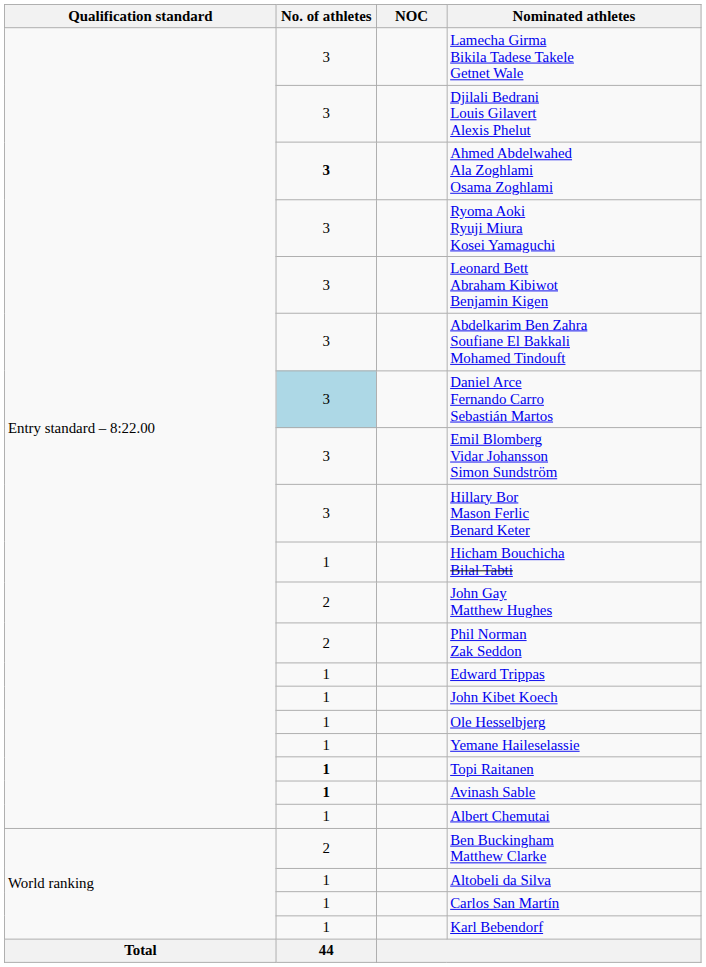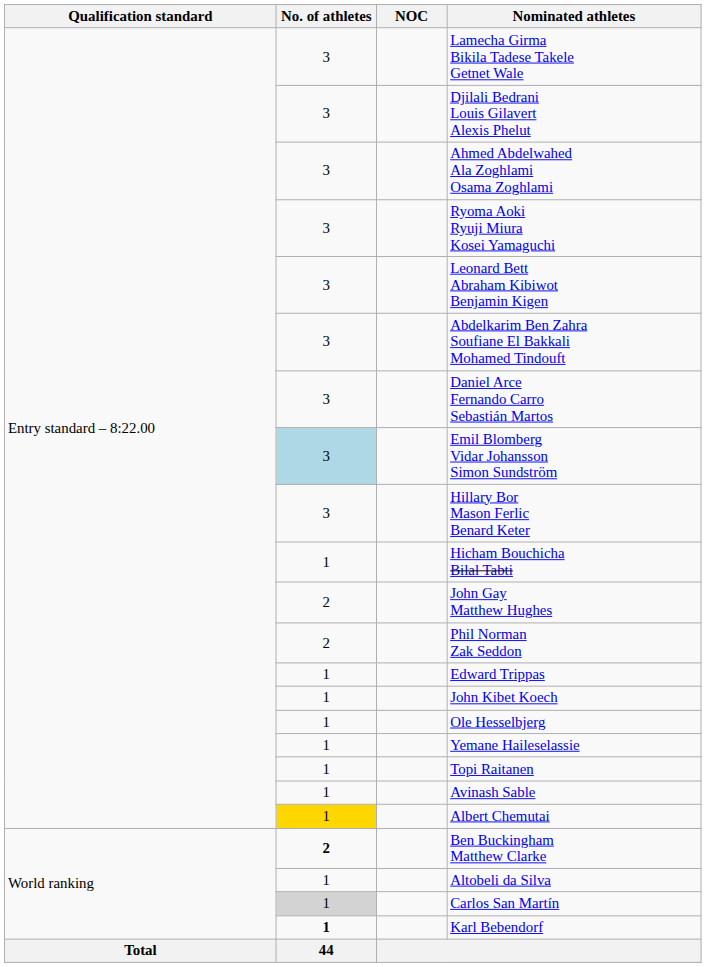 <table class="wikitable" style="text-align:left; width:750px;">
 <tr>
 <th>Qualification standard</th>
 <th width=100>No. of athletes</th>
 <th>NOC</th>
 <th>Nominated athletes</th>
 </tr>
 <tr>
 <td rowspan=19>Entry standard – 8:22.00</td>
 <td align=center>3</td>
 <td></td>
 <td><a href='#'>Lamecha Girma</a><br><a href='#'>Bikila Tadese Takele</a><br><a href='#'>Getnet Wale</a></td>
 </tr>
 <tr>
 <td align=center>3</td>
 <td></td>
 <td><a href='#'>Djilali Bedrani</a><br><a href='#'>Louis Gilavert</a><br><a href='#'>Alexis Phelut</a></td>
 </tr>
 <tr>
-<td align=center><strong>3</strong></td>
+<td align=center>3</td>
 <td></td>
 <td><a href='#'>Ahmed Abdelwahed</a><br><a href='#'>Ala Zoghlami</a><br><a href='#'>Osama Zoghlami</a></td>
 </tr>
 <tr>
 <td align=center>3</td>
 <td></td>
 <td><a href='#'>Ryoma Aoki</a><br><a href='#'>Ryuji Miura</a><br><a href='#'>Kosei Yamaguchi</a></td>
 </tr>
 <tr>
 <td align=center>3</td>
 <td></td>
 <td><a href='#'>Leonard Bett</a><br><a href='#'>Abraham Kibiwot</a><br><a href='#'>Benjamin Kigen</a></td>
 </tr>
 <tr>
 <td align=center>3</td>
 <td></td>
 <td><a href='#'>Abdelkarim Ben Zahra</a><br><a href='#'>Soufiane El Bakkali</a><br><a href='#'>Mohamed Tindouft</a></td>
 </tr>
 <tr>
-<td align=center style="background: lightblue;">3</td>
+<td align=center>3</td>
 <td></td>
 <td><a href='#'>Daniel Arce</a><br><a href='#'>Fernando Carro</a><br><a href='#'>Sebastián Martos</a></td>
 </tr>
 <tr>
-<td align=center>3</td>
+<td align=center style="background: lightblue;">3</td>
 <td></td>
 <td><a href='#'>Emil Blomberg</a><br><a href='#'>Vidar Johansson</a><br><a href='#'>Simon Sundström</a></td>
 </tr>
 <tr>
 <td align=center>3</td>
 <td></td>
 <td><a href='#'>Hillary Bor</a><br><a href='#'>Mason Ferlic</a><br><a href='#'>Benard Keter</a></td>
 </tr>
 <tr>
 <td align=center>1</td>
 <td></td>
 <td><a href='#'>Hicham Bouchicha</a><br><s><a href='#'>Bilal Tabti</a></s></td>
 </tr>
 <tr>
 <td align=center>2</td>
 <td></td>
 <td><a href='#'>John Gay</a><br><a href='#'>Matthew Hughes</a></td>
 </tr>
 <tr>
 <td align=center>2</td>
 <td></td>
 <td><a href='#'>Phil Norman</a><br><a href='#'>Zak Seddon</a></td>
 </tr>
 <tr>
 <td align=center>1</td>
 <td></td>
 <td><a href='#'>Edward Trippas</a></td>
 </tr>
 <tr>
 <td align=center>1</td>
 <td></td>
 <td><a href='#'>John Kibet Koech</a></td>
 </tr>
 <tr>
 <td align=center>1</td>
 <td></td>
 <td><a href='#'>Ole Hesselbjerg</a></td>
 </tr>
 <tr>
 <td align=center>1</td>
 <td></td>
 <td><a href='#'>Yemane Haileselassie</a></td>
 </tr>
 <tr>
-<td align=center><strong>1</strong></td>
+<td align=center>1</td>
 <td></td>
 <td><a href='#'>Topi Raitanen</a></td>
 </tr>
 <tr>
-<td align=center><strong>1</strong></td>
+<td align=center>1</td>
 <td></td>
 <td><a href='#'>Avinash Sable</a></td>
 </tr>
 <tr>
-<td align=center>1</td>
+<td align=center style="background: gold;">1</td>
 <td></td>
 <td><a href='#'>Albert Chemutai</a></td>
 </tr>
 <tr>
 <td rowspan=4>World ranking</td>
-<td align=center>2</td>
+<td align=center><strong>2</strong></td>
 <td></td>
 <td><a href='#'>Ben Buckingham</a><br><a href='#'>Matthew Clarke</a></td>
 </tr>
 <tr>
 <td align=center>1</td>
 <td></td>
 <td><a href='#'>Altobeli da Silva</a></td>
 </tr>
 <tr>
-<td align=center>1</td>
+<td align=center style="background: lightgrey;">1</td>
 <td></td>
 <td><a href='#'>Carlos San Martín</a></td>
 </tr>
 <tr>
-<td align=center>1</td>
+<td align=center><strong>1</strong></td>
 <td></td>
 <td><a href='#'>Karl Bebendorf</a></td>
 </tr>
 <tr>
 <th>Total</th>
 <th>44</th>
 <th colspan=2></th>
 </tr>
 </table>
